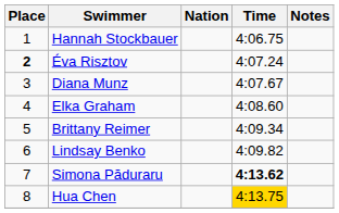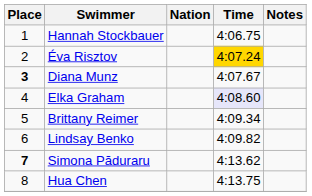 <table class="wikitable sortable" style="text-align:center">
 <tr>
 <th>Place</th>
 <th>Swimmer</th>
 <th>Nation</th>
 <th>Time</th>
 <th>Notes</th>
 </tr>
 <tr>
 <td>1</td>
 <td align=left><a href='#'>Hannah Stockbauer</a></td>
 <td align=left></td>
 <td>4:06.75</td>
 <td></td>
 </tr>
 <tr>
-<td><strong>2</strong></td>
+<td>2</td>
 <td align=left><a href='#'>Éva Risztov</a></td>
 <td align=left></td>
-<td>4:07.24</td>
+<td style="background: gold;">4:07.24</td>
 <td></td>
 </tr>
 <tr>
-<td>3</td>
+<td><strong>3</strong></td>
 <td align=left><a href='#'>Diana Munz</a></td>
 <td align=left></td>
 <td>4:07.67</td>
 <td></td>
 </tr>
 <tr>
 <td>4</td>
 <td align=left><a href='#'>Elka Graham</a></td>
 <td align=left></td>
-<td>4:08.60</td>
+<td style="background: lavender;">4:08.60</td>
 <td></td>
 </tr>
 <tr>
 <td>5</td>
 <td align=left><a href='#'>Brittany Reimer</a></td>
 <td align=left></td>
 <td>4:09.34</td>
 <td></td>
 </tr>
 <tr>
 <td>6</td>
 <td align=left><a href='#'>Lindsay Benko</a></td>
 <td align=left></td>
 <td>4:09.82</td>
 <td></td>
 </tr>
 <tr>
-<td>7</td>
+<td><strong>7</strong></td>
 <td align=left><a href='#'>Simona Păduraru</a></td>
 <td align=left></td>
-<td><strong>4:13.62</strong></td>
+<td>4:13.62</td>
 <td></td>
 </tr>
 <tr>
 <td>8</td>
 <td align=left><a href='#'>Hua Chen</a></td>
 <td align=left></td>
-<td style="background: gold;">4:13.75</td>
+<td>4:13.75</td>
 <td></td>
 </tr>
 <tr>
 </tr>
 </table>
